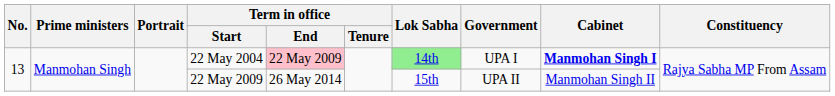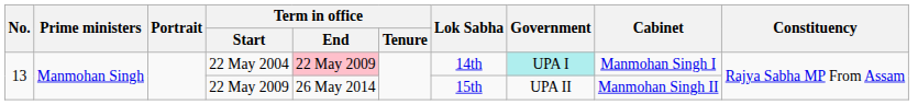 <table class="wikitable sortable">
 <tr>
 <th rowspan="2">No.</th>
 <th rowspan="2">Prime ministers</th>
 <th rowspan="2">Portrait</th>
 <th colspan="3">Term in office</th>
 <th rowspan="2">Lok Sabha</th>
 <th rowspan="2">Government</th>
 <th rowspan="2">Cabinet</th>
 <th rowspan="2">Constituency</th>
 </tr>
 <tr>
 <th>Start</th>
 <th>End</th>
 <th>Tenure</th>
 </tr>
 <tr style="vertical-align: middle; text-align: center;">
 <td rowspan="2">13</td>
 <td rowspan="2"><a href='#'>Manmohan Singh</a></td>
 <td rowspan="2"></td>
 <td>22 May 2004</td>
 <td style="background: pink;">22 May 2009</td>
 <td rowspan ="2"></td>
-<td style="background: lightgreen;"><a href='#'>14th</a></td>
-<td>UPA I</td>
-<td><strong><a href='#'>Manmohan Singh I</a></strong></td>
+<td><a href='#'>14th</a></td>
+<td style="background: paleturquoise;">UPA I</td>
+<td><a href='#'>Manmohan Singh I</a></td>
 <td rowspan ="2"><a href='#'>Rajya Sabha MP</a> From <a href='#'>Assam</a></td>
 </tr>
 <tr style="vertical-align: middle; text-align: center;">
 <td>22 May 2009</td>
 <td>26 May 2014</td>
 <td><a href='#'>15th</a></td>
 <td>UPA II</td>
 <td><a href='#'>Manmohan Singh II</a></td>
 </tr>
 </table>
